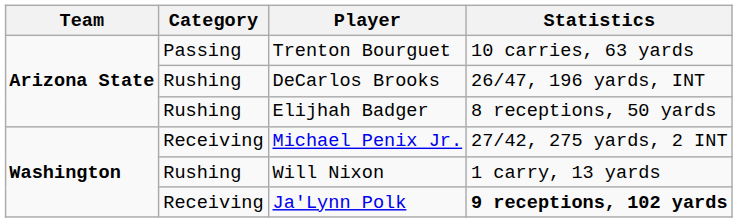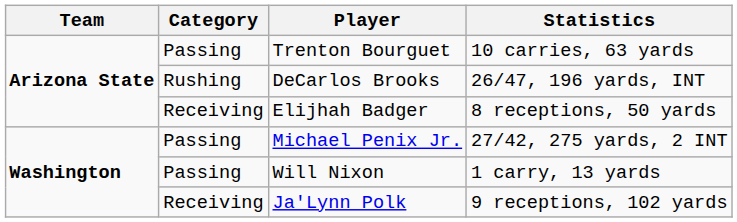 <table class="wikitable" style="float: right;">
 <tr>
 <th>Team</th>
 <th>Category</th>
 <th>Player</th>
 <th>Statistics</th>
 </tr>
 <tr>
 <td rowspan=3><strong>Arizona State</strong></td>
 <td>Passing</td>
 <td>Trenton Bourguet</td>
 <td>10 carries, 63 yards</td>
 </tr>
 <tr>
 <td>Rushing</td>
 <td>DeCarlos Brooks</td>
 <td>26/47, 196 yards, INT</td>
 </tr>
 <tr>
-<td>Rushing</td>
+<td>Receiving</td>
 <td>Elijhah Badger</td>
 <td>8 receptions, 50 yards</td>
 </tr>
 <tr>
 <td rowspan=3><strong>Washington</strong></td>
-<td>Receiving</td>
+<td>Passing</td>
 <td><a href='#'>Michael Penix Jr.</a></td>
 <td>27/42, 275 yards, 2 INT</td>
 </tr>
 <tr>
-<td>Rushing</td>
+<td>Passing</td>
 <td>Will Nixon</td>
 <td>1 carry, 13 yards</td>
 </tr>
 <tr>
 <td>Receiving</td>
 <td><a href='#'>Ja'Lynn Polk</a></td>
-<td><strong>9 receptions, 102 yards</strong></td>
+<td>9 receptions, 102 yards</td>
 </tr>
 </table>
